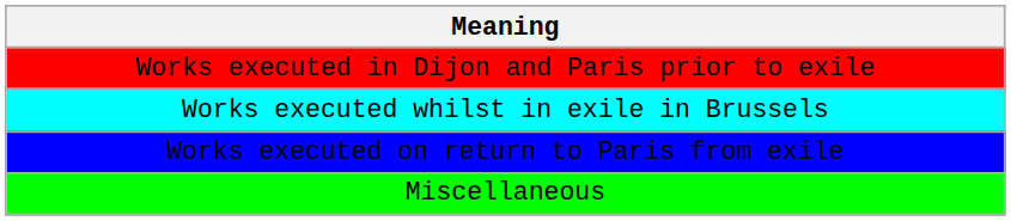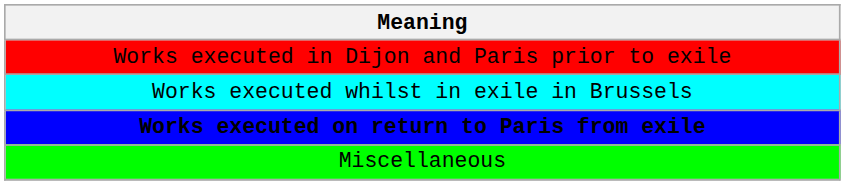 <table class="wikitable" border=1 align="center" style="text-align:center">
 <tr>
 <th width="500">Meaning</th>
 </tr>
 <tr>
 <td bgcolor="red"><span>Works executed in Dijon and Paris prior to exile</span></td>
 </tr>
 <tr>
 <td bgcolor="cyan"><span>Works executed whilst in exile in Brussels</span></td>
 </tr>
 <tr>
-<td bgcolor="blue"><span> Works executed on return to Paris from exile</span></td>
+<td bgcolor="blue"><strong><span> Works executed on return to Paris from exile</span></strong></td>
 </tr>
 <tr>
 <td bgcolor="00FF00"><span>Miscellaneous</span></td>
 </tr>
 <tr>
 </tr>
 </table>
